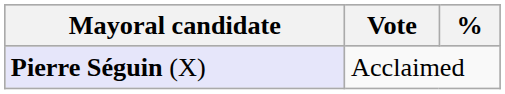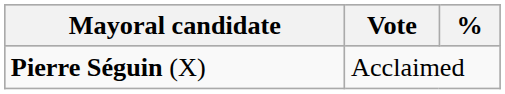 <table class="wikitable">
 <tr>
 <th bgcolor="#DDDDFF" width="200px">Mayoral candidate</th>
 <th bgcolor="#DDDDFF" width="50px">Vote</th>
 <th bgcolor="#DDDDFF" width="30px">%</th>
 </tr>
 <tr>
-<td style="background: lavender;"><strong>Pierre Séguin</strong> (X)</td>
+<td><strong>Pierre Séguin</strong> (X)</td>
 <td colspan="2">Acclaimed</td>
 </tr>
 </table>
